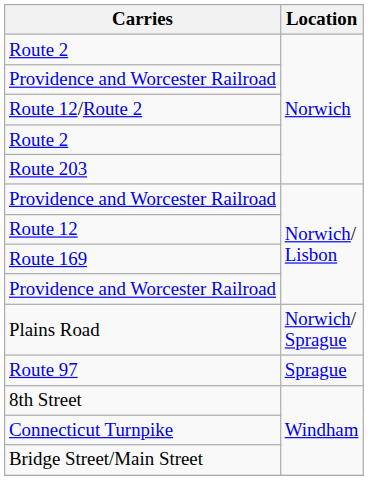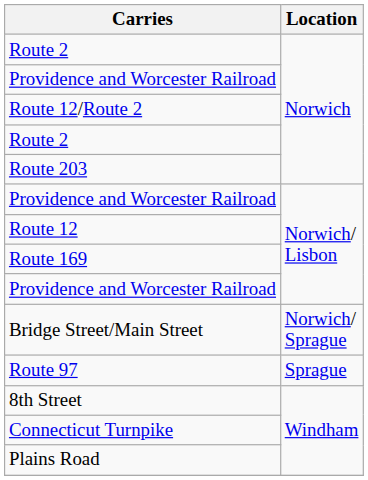 <table class=wikitable>
 <tr>
 <th>Carries</th>
 <th>Location</th>
 </tr>
 <tr>
 <td> <a href='#'>Route 2</a></td>
 <td rowspan="5"><a href='#'>Norwich</a></td>
 </tr>
 <tr>
 <td><a href='#'>Providence and Worcester Railroad</a></td>
 </tr>
 <tr>
 <td> <a href='#'>Route 12</a>/<a href='#'>Route 2</a></td>
 </tr>
 <tr>
 <td> <a href='#'>Route 2</a></td>
 </tr>
 <tr>
 <td> <a href='#'>Route 203</a></td>
 </tr>
 <tr>
 <td><a href='#'>Providence and Worcester Railroad</a></td>
 <td rowspan="4"><a href='#'>Norwich</a>/<br><a href='#'>Lisbon</a></td>
 </tr>
 <tr>
 <td> <a href='#'>Route 12</a></td>
 </tr>
 <tr>
 <td> <a href='#'>Route 169</a></td>
 </tr>
 <tr>
 <td><a href='#'>Providence and Worcester Railroad</a></td>
 </tr>
 <tr>
-<td>Plains Road</td>
+<td>Bridge Street/Main Street</td>
 <td><a href='#'>Norwich</a>/<br><a href='#'>Sprague</a></td>
 </tr>
 <tr>
 <td> <a href='#'>Route 97</a></td>
 <td><a href='#'>Sprague</a></td>
 </tr>
 <tr>
 <td>8th Street</td>
 <td rowspan="3"><a href='#'>Windham</a></td>
 </tr>
 <tr>
 <td> <a href='#'>Connecticut Turnpike</a></td>
 </tr>
 <tr>
-<td>Bridge Street/Main Street</td>
+<td>Plains Road</td>
 </tr>
 <tr>
 </tr>
 </table>
